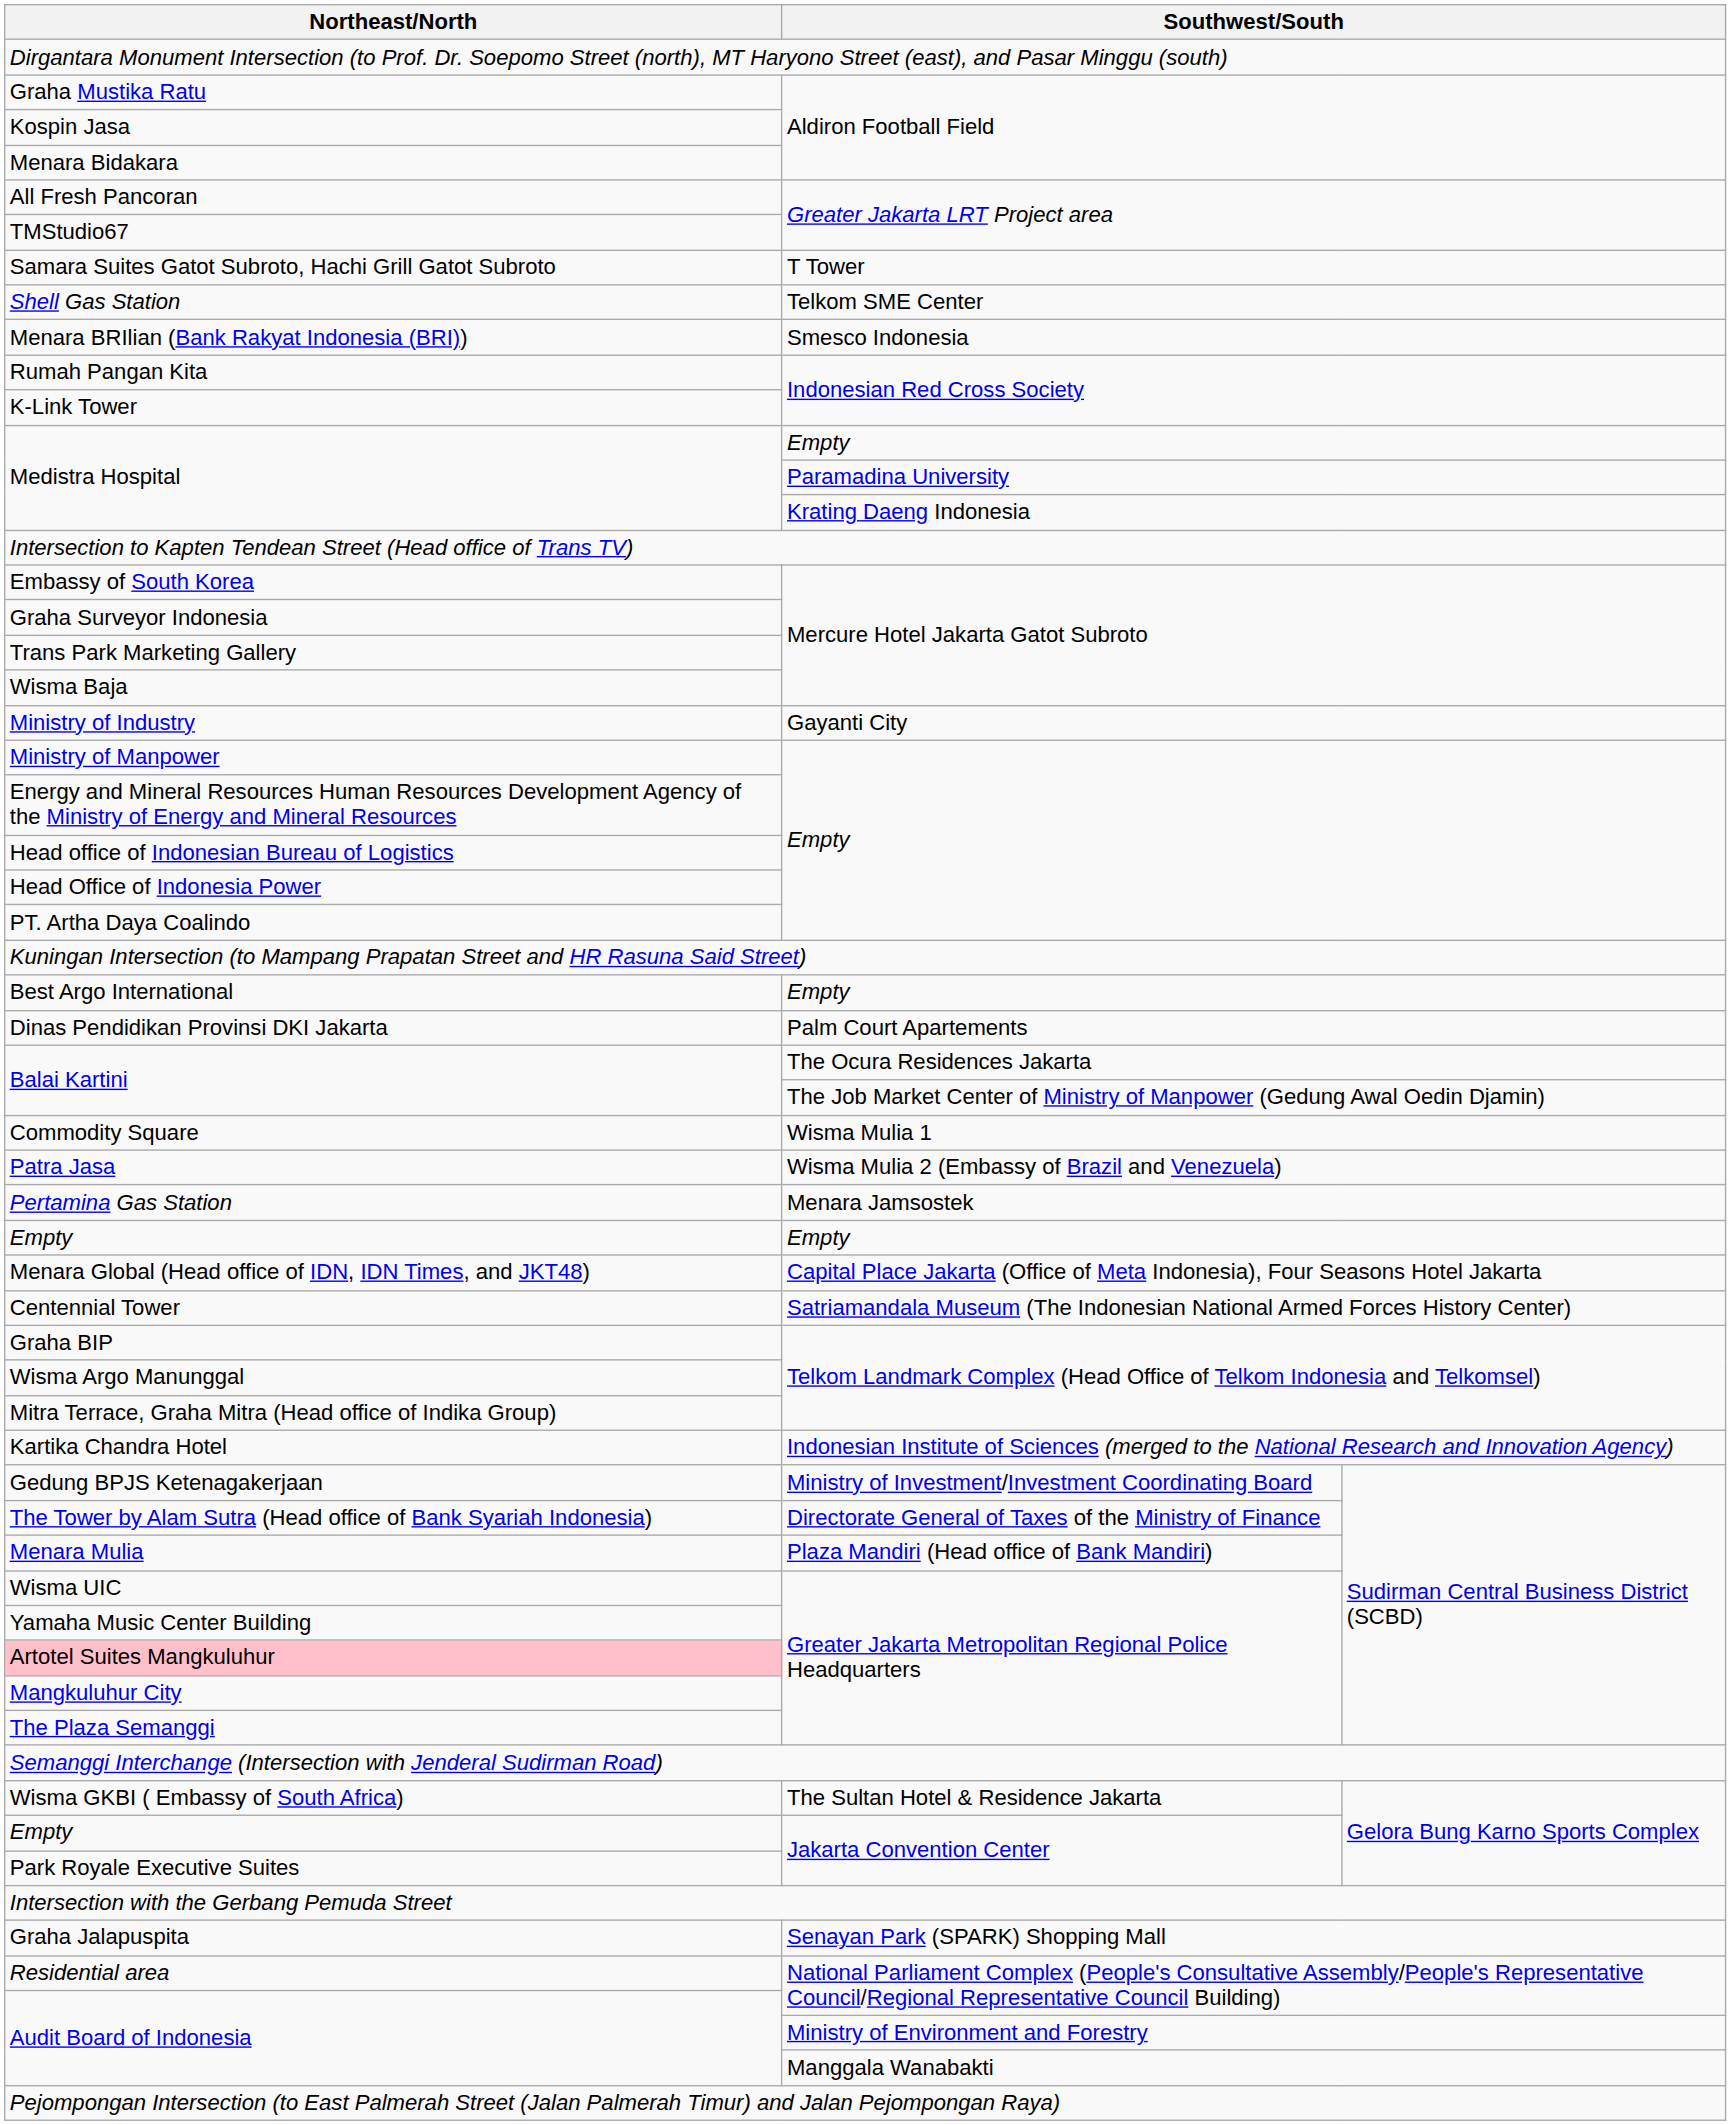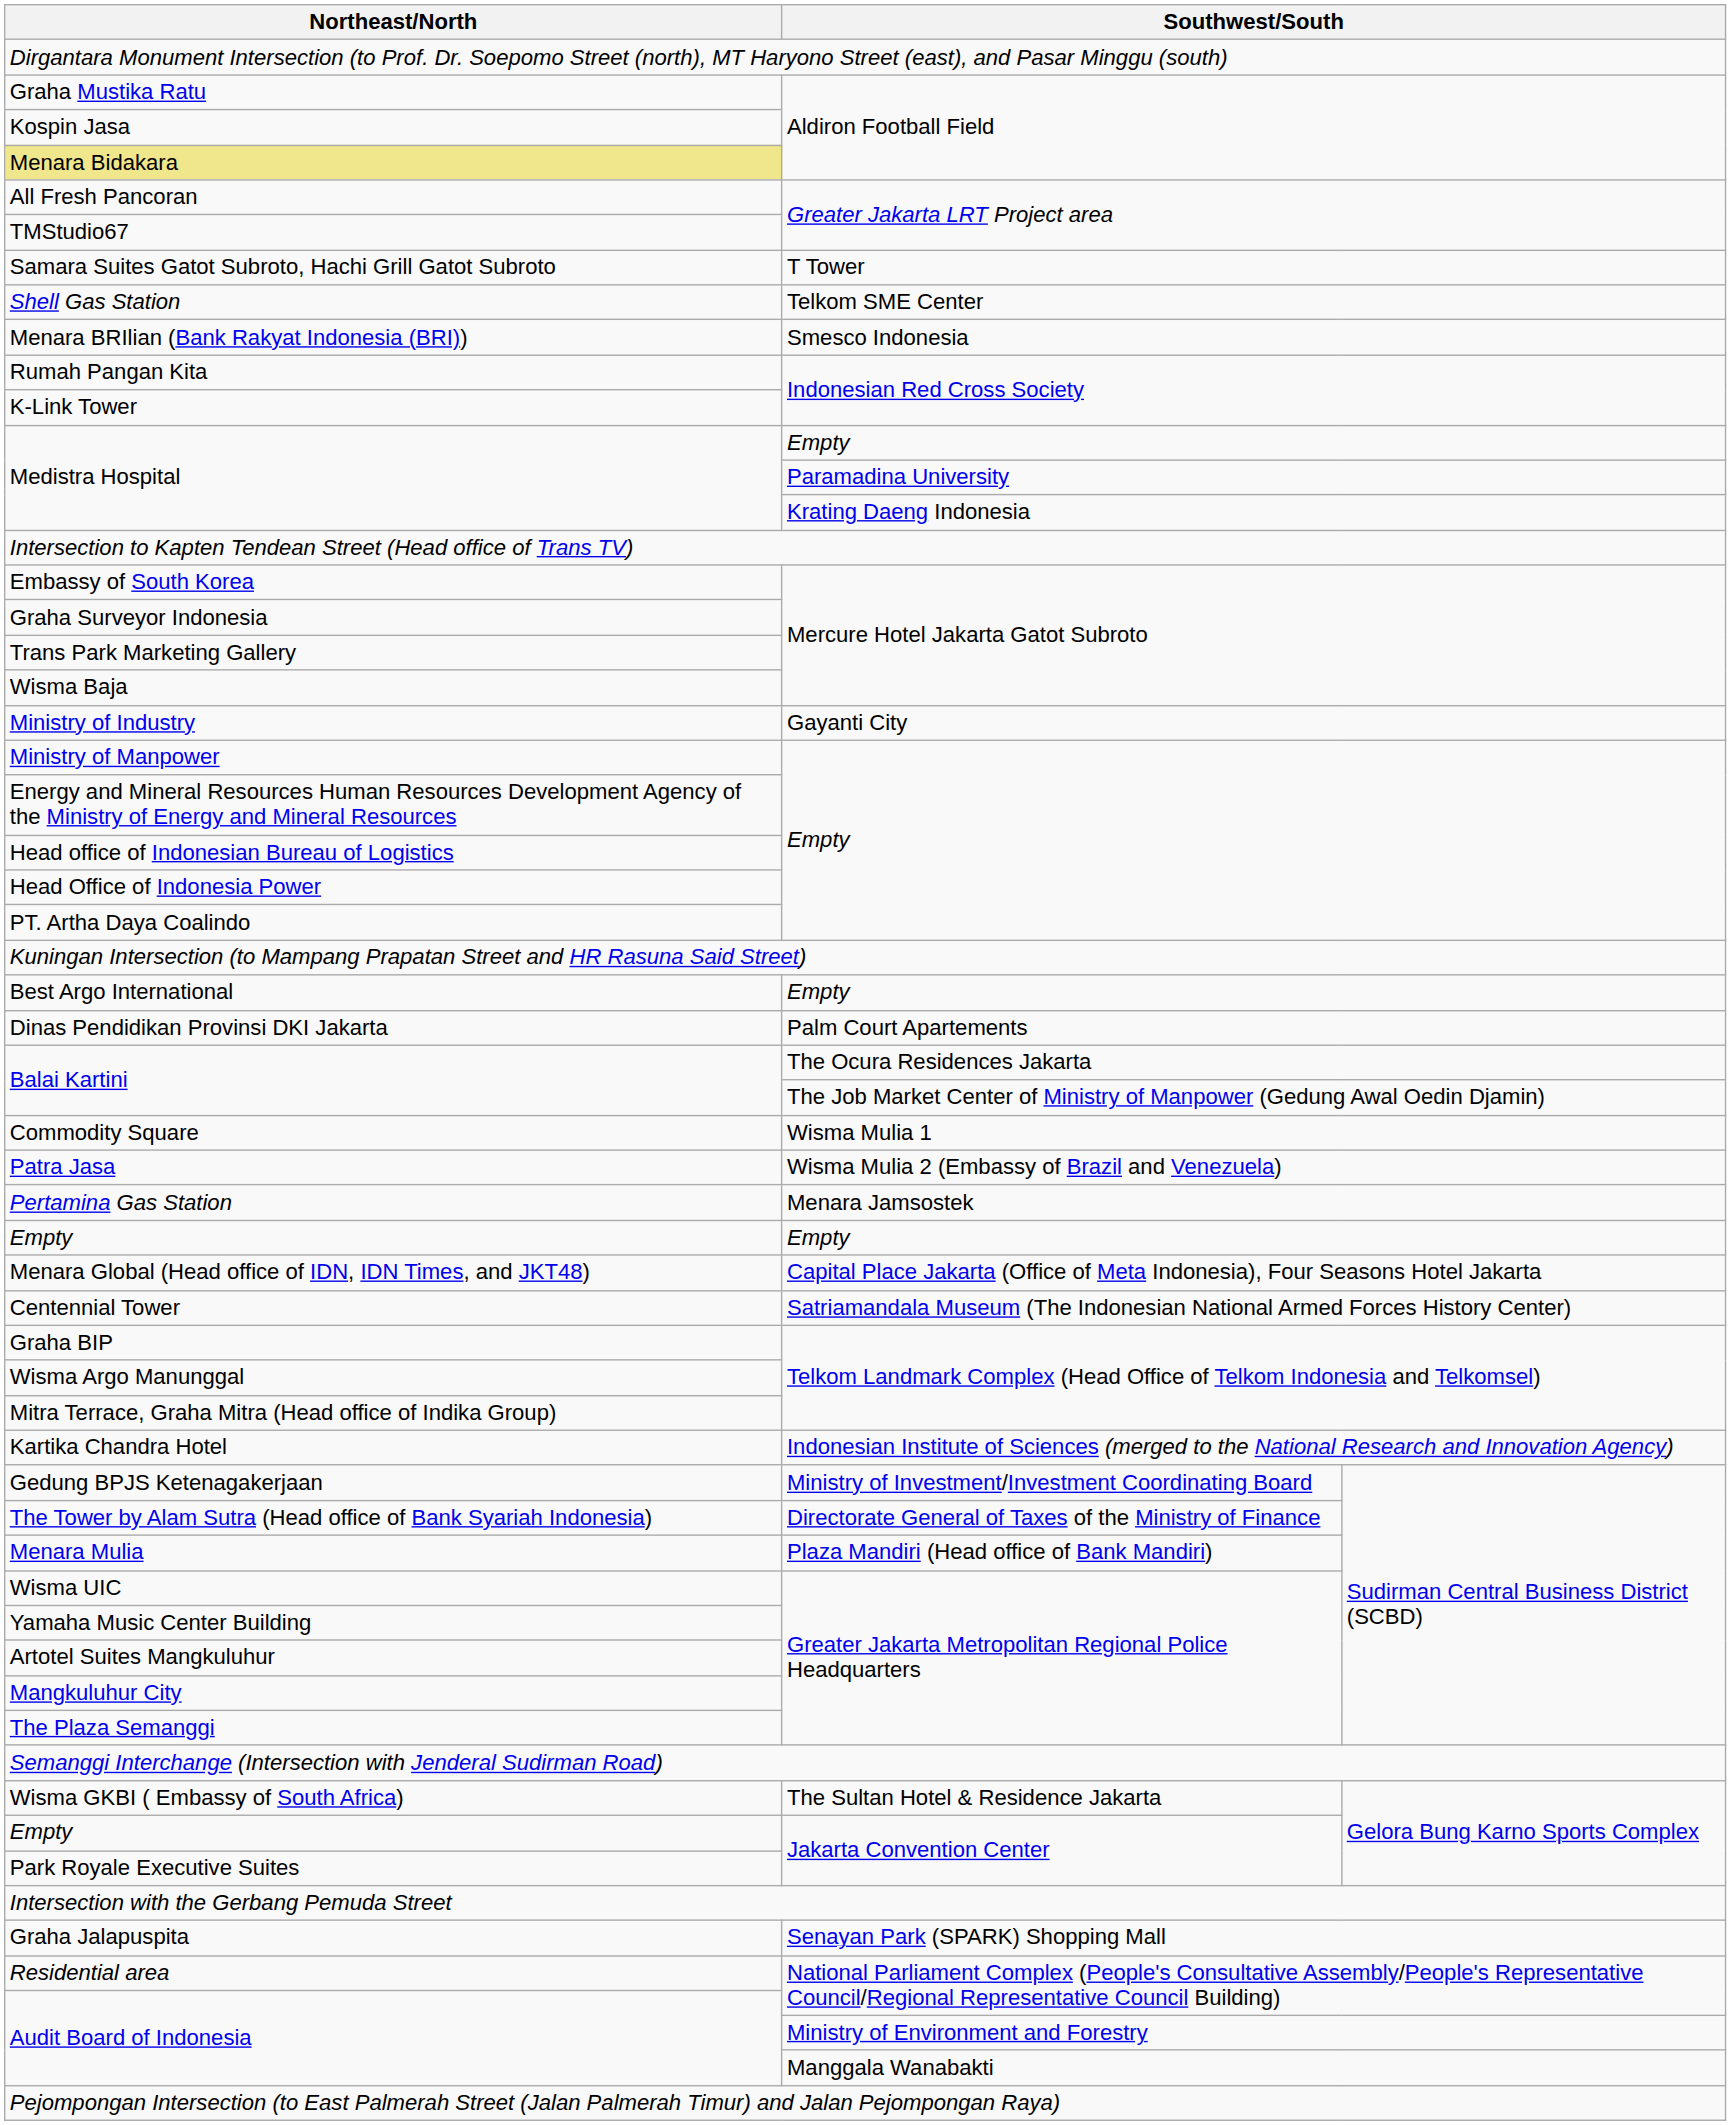 <table class="wikitable">
 <tr>
 <th>Northeast/North</th>
 <th colspan="2">Southwest/South</th>
 </tr>
 <tr>
 <td colspan="3"><em>Dirgantara Monument Intersection (to Prof. Dr. Soepomo Street (north), MT Haryono Street (east), and Pasar Minggu (south)</em></td>
 </tr>
 <tr>
 <td>Graha <a href='#'>Mustika Ratu</a></td>
 <td colspan="2" rowspan="3">Aldiron Football Field</td>
 </tr>
 <tr>
 <td>Kospin Jasa</td>
 </tr>
 <tr>
-<td>Menara Bidakara</td>
+<td style="background: khaki;">Menara Bidakara</td>
 </tr>
 <tr>
 <td>All Fresh Pancoran</td>
 <td colspan="2" rowspan="2"><em><a href='#'>Greater Jakarta LRT</a> Project area</em></td>
 </tr>
 <tr>
 <td>TMStudio67</td>
 </tr>
 <tr>
 <td>Samara Suites Gatot Subroto, Hachi Grill Gatot Subroto</td>
 <td colspan="2">T Tower</td>
 </tr>
 <tr>
 <td><em><a href='#'>Shell</a> Gas Station</em></td>
 <td colspan="2">Telkom SME Center</td>
 </tr>
 <tr>
 <td>Menara BRIlian (<a href='#'>Bank Rakyat Indonesia (BRI)</a>)</td>
 <td colspan="2">Smesco Indonesia</td>
 </tr>
 <tr>
 <td>Rumah Pangan Kita</td>
 <td colspan="2" rowspan="2"><a href='#'>Indonesian Red Cross Society</a></td>
 </tr>
 <tr>
 <td>K-Link Tower</td>
 </tr>
 <tr>
 <td rowspan="3">Medistra Hospital</td>
 <td colspan="2"><em>Empty</em></td>
 </tr>
 <tr>
 <td colspan="2"><a href='#'>Paramadina University</a></td>
 </tr>
 <tr>
 <td colspan="2"><a href='#'>Krating Daeng</a> Indonesia</td>
 </tr>
 <tr>
 <td colspan="3"><em>Intersection to Kapten Tendean Street (Head office of <a href='#'>Trans TV</a>)</em></td>
 </tr>
 <tr>
 <td> Embassy of <a href='#'>South Korea</a></td>
 <td colspan="2" rowspan="4">Mercure Hotel Jakarta Gatot Subroto</td>
 </tr>
 <tr>
 <td>Graha Surveyor Indonesia</td>
 </tr>
 <tr>
 <td>Trans Park Marketing Gallery</td>
 </tr>
 <tr>
 <td>Wisma Baja</td>
 </tr>
 <tr>
 <td><a href='#'>Ministry of Industry</a></td>
 <td colspan="2">Gayanti City</td>
 </tr>
 <tr>
 <td><a href='#'>Ministry of Manpower</a></td>
 <td colspan="2" rowspan="5"><em>Empty</em></td>
 </tr>
 <tr>
 <td>Energy and Mineral Resources Human Resources Development Agency of the <a href='#'>Ministry of Energy and Mineral Resources</a></td>
 </tr>
 <tr>
 <td>Head office of <a href='#'>Indonesian Bureau of Logistics</a></td>
 </tr>
 <tr>
 <td>Head Office of <a href='#'>Indonesia Power</a></td>
 </tr>
 <tr>
 <td>PT. Artha Daya Coalindo</td>
 </tr>
 <tr>
 <td colspan="3"><em>Kuningan Intersection (to Mampang Prapatan Street and <a href='#'>HR Rasuna Said Street</a>)</em></td>
 </tr>
 <tr>
 <td>Best Argo International</td>
 <td colspan="2" rowspan="2"><em>Empty</em></td>
 </tr>
 <tr>
 <td rowspan="2">Dinas Pendidikan Provinsi DKI Jakarta</td>
 </tr>
 <tr>
 <td colspan="2">Palm Court Apartements</td>
 </tr>
 <tr>
 <td rowspan="2"><a href='#'>Balai Kartini</a></td>
 <td colspan="2">The Ocura Residences Jakarta</td>
 </tr>
 <tr>
 <td colspan="2">The Job Market  Center of  <a href='#'>Ministry of Manpower</a> (Gedung Awal Oedin Djamin)</td>
 </tr>
 <tr>
 <td>Commodity Square</td>
 <td colspan="2">Wisma Mulia 1</td>
 </tr>
 <tr>
 <td><a href='#'>Patra Jasa</a></td>
 <td colspan="2">Wisma Mulia 2 (Embassy of  <a href='#'>Brazil</a> and  <a href='#'>Venezuela</a>)</td>
 </tr>
 <tr>
 <td><em><a href='#'>Pertamina</a> Gas Station</em></td>
 <td colspan="2">Menara Jamsostek</td>
 </tr>
 <tr>
 <td><em>Empty</em></td>
 <td colspan="2"><em>Empty</em></td>
 </tr>
 <tr>
 <td>Menara Global (Head office of <a href='#'>IDN</a>, <a href='#'>IDN Times</a>, and <a href='#'>JKT48</a>)</td>
 <td colspan="2"><a href='#'>Capital Place Jakarta</a> (Office of <a href='#'>Meta</a> Indonesia), Four Seasons Hotel Jakarta</td>
 </tr>
 <tr>
 <td>Centennial Tower</td>
 <td colspan="2"><a href='#'>Satriamandala Museum</a> (The Indonesian National Armed Forces History Center)</td>
 </tr>
 <tr>
 <td>Graha BIP</td>
 <td colspan="2" rowspan="3"><a href='#'>Telkom Landmark Complex</a> (Head Office of <a href='#'>Telkom Indonesia</a> and <a href='#'>Telkomsel</a>)</td>
 </tr>
 <tr>
 <td>Wisma Argo Manunggal</td>
 </tr>
 <tr>
 <td>Mitra Terrace, Graha Mitra (Head office of Indika Group)</td>
 </tr>
 <tr>
 <td>Kartika Chandra Hotel</td>
 <td colspan="2"><a href='#'>Indonesian Institute of Sciences</a> <em>(merged to the <a href='#'>National Research and Innovation Agency</a>)</em></td>
 </tr>
 <tr>
 <td>Gedung BPJS Ketenagakerjaan</td>
 <td><a href='#'>Ministry of Investment</a>/<a href='#'>Investment Coordinating Board</a></td>
 <td rowspan="8"><a href='#'>Sudirman Central Business District</a> (SCBD)</td>
 </tr>
 <tr>
 <td><a href='#'>The Tower by Alam Sutra</a> (Head office of <a href='#'>Bank Syariah Indonesia</a>)</td>
 <td><a href='#'>Directorate General of Taxes</a> of the <a href='#'>Ministry of Finance</a></td>
 </tr>
 <tr>
 <td><a href='#'>Menara Mulia</a></td>
 <td><a href='#'>Plaza Mandiri</a> (Head office of <a href='#'>Bank Mandiri</a>)</td>
 </tr>
 <tr>
 <td>Wisma UIC</td>
 <td rowspan="5"><a href='#'>Greater Jakarta Metropolitan Regional Police</a> Headquarters</td>
 </tr>
 <tr>
 <td>Yamaha Music Center Building</td>
 </tr>
 <tr>
-<td style="background: pink;">Artotel Suites Mangkuluhur</td>
+<td>Artotel Suites Mangkuluhur</td>
 </tr>
 <tr>
 <td><a href='#'>Mangkuluhur City</a></td>
 </tr>
 <tr>
 <td><a href='#'>The Plaza Semanggi</a></td>
 </tr>
 <tr>
 <td colspan="3"><em><a href='#'>Semanggi Interchange</a> (Intersection with  <a href='#'>Jenderal Sudirman Road</a>)</em></td>
 </tr>
 <tr>
 <td>Wisma GKBI ( Embassy of <a href='#'>South Africa</a>)</td>
 <td>The Sultan Hotel & Residence Jakarta</td>
 <td rowspan="3"><a href='#'>Gelora Bung Karno Sports Complex</a></td>
 </tr>
 <tr>
 <td><em>Empty</em></td>
 <td rowspan="2"><a href='#'>Jakarta Convention Center</a></td>
 </tr>
 <tr>
 <td>Park Royale Executive Suites</td>
 </tr>
 <tr>
 <td colspan="3"><em>Intersection with the Gerbang Pemuda Street</em></td>
 </tr>
 <tr>
 <td>Graha Jalapuspita</td>
 <td colspan="2"><a href='#'>Senayan Park</a> (SPARK) Shopping Mall</td>
 </tr>
 <tr>
 <td><em>Residential area</em></td>
 <td colspan="2" rowspan="2"><a href='#'>National Parliament Complex</a> (<a href='#'>People's Consultative Assembly</a>/<a href='#'>People's Representative Council</a>/<a href='#'>Regional Representative Council</a> Building)</td>
 </tr>
 <tr>
 <td rowspan="3"><a href='#'>Audit Board of Indonesia</a></td>
 </tr>
 <tr>
 <td colspan="2"><a href='#'>Ministry of Environment and Forestry</a></td>
 </tr>
 <tr>
 <td colspan="2">Manggala Wanabakti</td>
 </tr>
 <tr>
 <td colspan="3"><em>Pejompongan Intersection (to East Palmerah Street (Jalan Palmerah Timur) and Jalan Pejompongan Raya)</em></td>
 </tr>
 </table>
